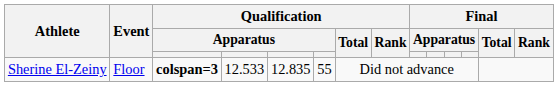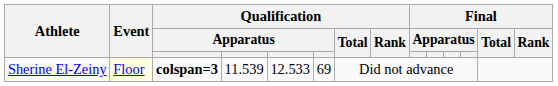 <table class="wikitable" style="font-size:90%">
 <tr>
 <th rowspan=3>Athlete</th>
 <th rowspan=3>Event</th>
 <th colspan=6>Qualification</th>
 <th colspan=6>Final</th>
 </tr>
 <tr style="font-size:95%">
 <th colspan=4>Apparatus</th>
 <th rowspan=2>Total</th>
 <th rowspan=2>Rank</th>
 <th colspan=4>Apparatus</th>
 <th rowspan=2>Total</th>
 <th rowspan=2>Rank</th>
 </tr>
 <tr style="font-size:95%">
 <th></th>
 <th></th>
 <th></th>
 <th></th>
 <th></th>
 <th></th>
 <th></th>
 <th></th>
 </tr>
 <tr align=center>
 <td align=left><a href='#'>Sherine El-Zeiny</a></td>
-<td align=left><a href='#'>Floor</a></td>
+<td align=left style="background: lightyellow;"><a href='#'>Floor</a></td>
 <td><strong>colspan=3 </strong></td>
+<td>11.539</td>
 <td>12.533</td>
-<td>12.835</td>
-<td>55</td>
+<td>69</td>
 <td colspan=6>Did not advance</td>
 </tr>
 </table>
